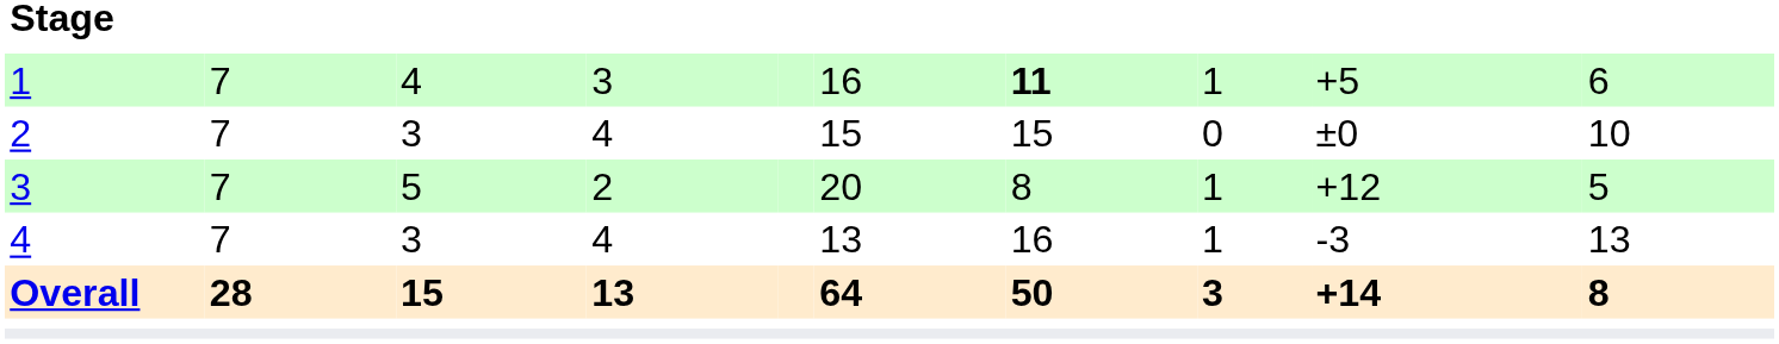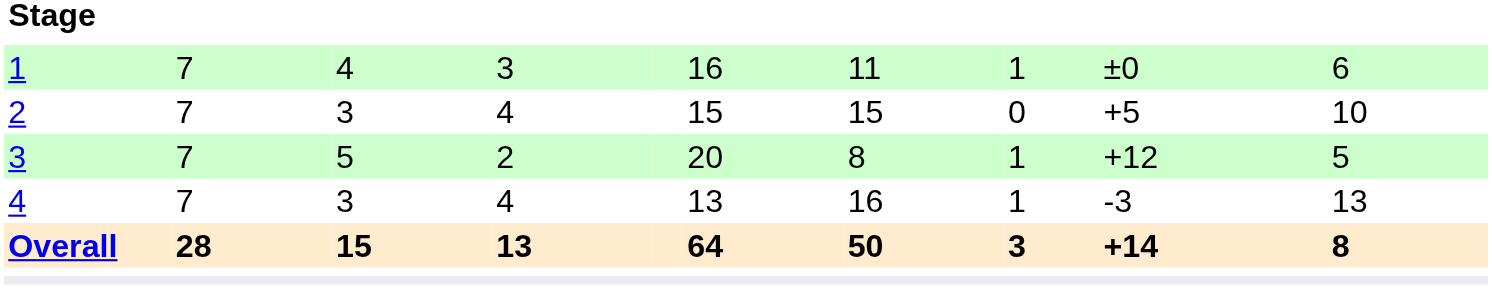 <table class="toccolours" border=0 cellpadding="2" cellspacing="0" style="font-size:95%; text-align:left; width:700px;">
 <tr align="left" style="background:#">
 <th style="width:75px">Stage</th>
 <th></th>
 <th></th>
 <th></th>
 <th></th>
 <th></th>
 <th></th>
 <th></th>
 <th></th>
 <th></th>
 </tr>
 <tr>
 <td colspan = "10"></td>
 </tr>
 <tr>
 </tr>
 <tr style="background:#cfc;">
 <td><a href='#'>1</a></td>
 <td>7</td>
 <td>4</td>
 <td>3</td>
 <td></td>
 <td>16</td>
-<td><strong>11</strong></td>
+<td>11</td>
 <td>1</td>
-<td>+5</td>
+<td>±0</td>
 <td>6</td>
 </tr>
 <tr>
 <td><a href='#'>2</a></td>
 <td>7</td>
 <td>3</td>
 <td>4</td>
 <td></td>
 <td>15</td>
 <td>15</td>
 <td>0</td>
-<td>±0</td>
+<td>+5</td>
 <td>10</td>
 </tr>
 <tr style="background:#cfc">
 <td><a href='#'>3</a></td>
 <td>7</td>
 <td>5</td>
 <td>2</td>
 <td></td>
 <td>20</td>
 <td>8</td>
 <td>1</td>
 <td>+12</td>
 <td>5</td>
 </tr>
 <tr>
 <td><a href='#'>4</a></td>
 <td>7</td>
 <td>3</td>
 <td>4</td>
 <td></td>
 <td>13</td>
 <td>16</td>
 <td>1</td>
 <td>-3</td>
 <td>13</td>
 </tr>
 <tr style="background-color:#ffebcd;">
 <th><a href='#'>Overall</a></th>
 <th>28</th>
 <th>15</th>
 <th>13</th>
 <th></th>
 <th>64</th>
 <th>50</th>
 <th>3</th>
 <th>+14</th>
 <th>8</th>
 </tr>
 <tr>
 <td colspan="10"></td>
 </tr>
 <tr align="left" style="background:#EAECF0; color:#000;">
 <td colspan="10" style="text-align:center;"> </td>
 </tr>
 </table>
